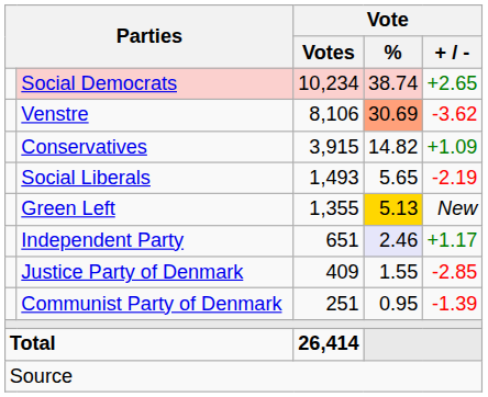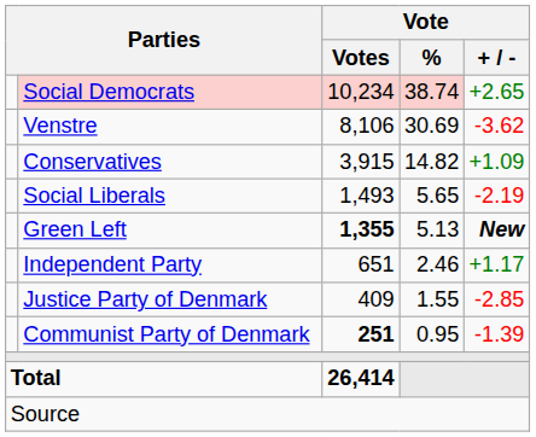 <table class="wikitable" style="text-align:right;">
 <tr>
 <th style="text-align:centre;" rowspan="2" colspan="2" width="225">Parties</th>
 <th colspan="3">Vote</th>
 </tr>
 <tr>
 <th width="15">Votes</th>
 <th width="15">%</th>
 <th width="15">+ / -</th>
 </tr>
 <tr>
 <td width="2" style="color:inherit;background:"></td>
 <td bgcolor=#fbd0ce  align="left"><a href='#'>Social Democrats</a></td>
 <td bgcolor=#fbd0ce>10,234</td>
 <td bgcolor=#fbd0ce>38.74</td>
 <td style=color:green;>+2.65</td>
 </tr>
 <tr>
 <td width="2" style="color:inherit;background:"></td>
 <td align="left"><a href='#'>Venstre</a></td>
 <td>8,106</td>
-<td style="background: lightsalmon;">30.69</td>
+<td>30.69</td>
 <td style=color:red;>-3.62</td>
 </tr>
 <tr>
 <td width="2" style="color:inherit;background:"></td>
 <td align="left"><a href='#'>Conservatives</a></td>
 <td>3,915</td>
 <td>14.82</td>
 <td style=color:green;>+1.09</td>
 </tr>
 <tr>
 <td width="2" style="color:inherit;background:"></td>
 <td align="left"><a href='#'>Social Liberals</a></td>
 <td>1,493</td>
 <td>5.65</td>
 <td style=color:red;>-2.19</td>
 </tr>
 <tr>
 <td width="2" style="color:inherit;background:"></td>
 <td align="left"><a href='#'>Green Left</a></td>
-<td>1,355</td>
-<td style="background: gold;">5.13</td>
-<td><em>New</em></td>
+<td><strong>1,355</strong></td>
+<td>5.13</td>
+<td><strong><em>New</em></strong></td>
 </tr>
 <tr>
 <td width="2" style="color:inherit;background:"></td>
 <td align="left"><a href='#'>Independent Party</a></td>
 <td>651</td>
-<td style="background: lavender;">2.46</td>
+<td>2.46</td>
 <td style=color:green;>+1.17</td>
 </tr>
 <tr>
 <td width="2" style="color:inherit;background:"></td>
 <td align="left"><a href='#'>Justice Party of Denmark</a></td>
 <td>409</td>
 <td>1.55</td>
 <td style=color:red;>-2.85</td>
 </tr>
 <tr>
 <td width="2" style="color:inherit;background:"></td>
 <td align="left"><a href='#'>Communist Party of Denmark</a></td>
-<td>251</td>
+<td><strong>251</strong></td>
 <td>0.95</td>
 <td style=color:red;>-1.39</td>
 </tr>
 <tr>
 <td colspan="7" bgcolor="#E9E9E9"></td>
 </tr>
 <tr>
 <td align="left" colspan="2"><strong>Total</strong></td>
 <td><strong>26,414</strong></td>
 <td bgcolor="#E9E9E9" colspan="2"></td>
 </tr>
 <tr>
 <td align="left" colspan="6">Source</td>
 </tr>
 </table>
